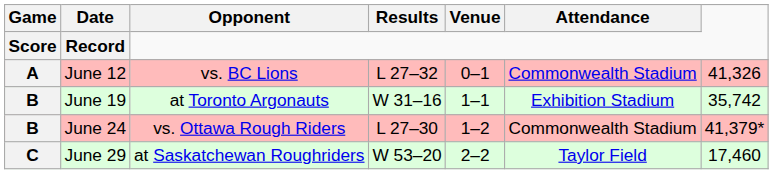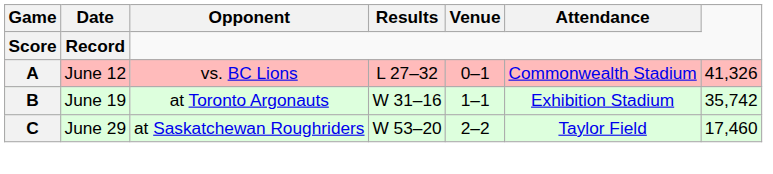 <table class="wikitable" style="text-align:center">
 <tr>
 <th>Game</th>
 <th>Date</th>
 <th>Opponent</th>
 <th>Results</th>
 <th>Venue</th>
 <th>Attendance</th>
 </tr>
 <tr>
 <th>Score</th>
 <th>Record</th>
 </tr>
 <tr style="background:#ffbbbb">
 <th>A</th>
 <td>June 12</td>
 <td>vs. <a href='#'>BC Lions</a></td>
 <td>L 27–32</td>
 <td>0–1</td>
 <td><a href='#'>Commonwealth Stadium</a></td>
 <td>41,326</td>
 </tr>
 <tr style="background:#ddffdd">
 <th>B</th>
 <td>June 19</td>
 <td>at <a href='#'>Toronto Argonauts</a></td>
 <td>W 31–16</td>
 <td>1–1</td>
 <td><a href='#'>Exhibition Stadium</a></td>
 <td>35,742</td>
 </tr>
-<tr style="background:#ffbbbb">
-<th>B</th>
-<td>June 24</td>
-<td>vs. <a href='#'>Ottawa Rough Riders</a></td>
-<td>L 27–30</td>
-<td>1–2</td>
-<td>Commonwealth Stadium</td>
-<td>41,379*</td>
-</tr>
 <tr style="background:#ddffdd">
 <th>C</th>
 <td>June 29</td>
 <td>at <a href='#'>Saskatchewan Roughriders</a></td>
 <td>W 53–20</td>
 <td>2–2</td>
 <td><a href='#'>Taylor Field</a></td>
 <td>17,460</td>
 </tr>
 </table>
